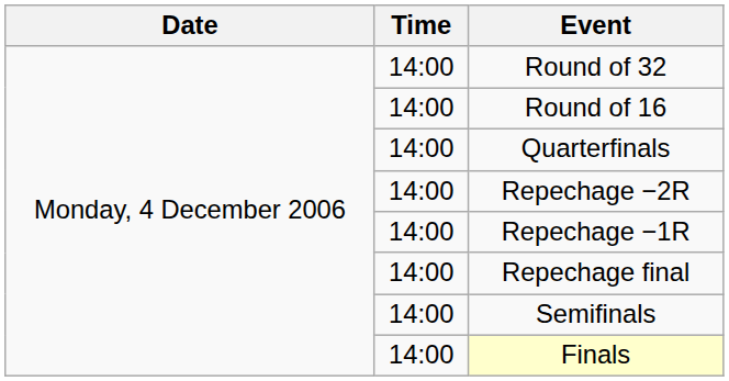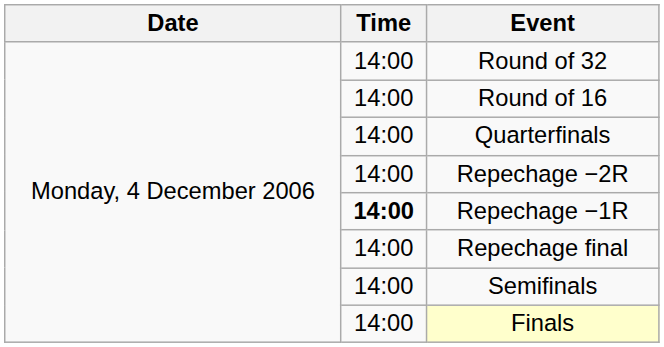 <table class = "wikitable" style="text-align:center;">
 <tr>
 <th width=220>Date</th>
 <th width=50>Time</th>
 <th width=150>Event</th>
 </tr>
 <tr>
 <td rowspan=8>Monday, 4 December 2006</td>
 <td>14:00</td>
 <td>Round of 32</td>
 </tr>
 <tr>
 <td>14:00</td>
 <td>Round of 16</td>
 </tr>
 <tr>
 <td>14:00</td>
 <td>Quarterfinals</td>
 </tr>
 <tr>
 <td>14:00</td>
 <td>Repechage −2R</td>
 </tr>
 <tr>
-<td>14:00</td>
+<td><strong>14:00</strong></td>
 <td>Repechage −1R</td>
 </tr>
 <tr>
 <td>14:00</td>
 <td>Repechage final</td>
 </tr>
 <tr>
 <td>14:00</td>
 <td>Semifinals</td>
 </tr>
 <tr>
 <td>14:00</td>
 <td bgcolor=ffffcc>Finals</td>
 </tr>
 </table>
